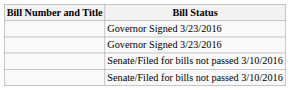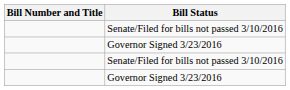 <table class="wikitable">
 <tr>
 <th>Bill Number and Title</th>
 <th>Bill Status</th>
 </tr>
 <tr>
 <td></td>
-<td>Governor Signed 3/23/2016</td>
+<td>Senate/Filed for bills not passed 3/10/2016</td>
 </tr>
 <tr>
 <td></td>
 <td>Governor Signed 3/23/2016</td>
 </tr>
 <tr>
 <td></td>
 <td>Senate/Filed for bills not passed 3/10/2016</td>
 </tr>
 <tr>
 <td></td>
-<td>Senate/Filed for bills not passed 3/10/2016</td>
+<td>Governor Signed 3/23/2016</td>
 </tr>
 </table>
